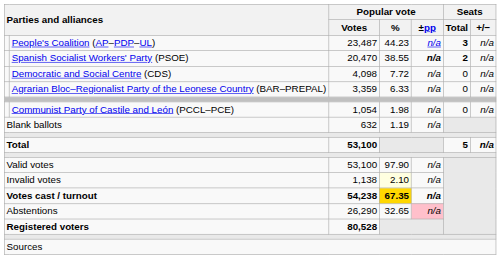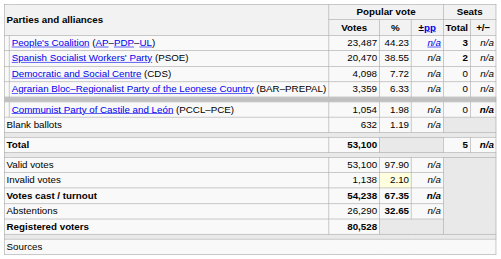 <table class="wikitable" style="text-align:right;">
 <tr>
 <th style="text-align:left;" rowspan="2" colspan="2" width="525">Parties and alliances</th>
 <th colspan="3">Popular vote</th>
 <th colspan="2">Seats</th>
 </tr>
 <tr>
 <th width="75">Votes</th>
 <th width="45">%</th>
 <th width="45">±<a href='#'>pp</a></th>
 <th width="35">Total</th>
 <th width="35">+/−</th>
 </tr>
 <tr>
 <td width="1" style="color:inherit;background:"></td>
 <td align="left"><a href='#'>People's Coalition</a> (<a href='#'>AP</a>–<a href='#'>PDP</a>–<a href='#'>UL</a>)</td>
 <td>23,487</td>
 <td>44.23</td>
 <td><em><a href='#'>n/a</a></em></td>
 <td><strong>3</strong></td>
 <td><em>n/a</em></td>
 </tr>
 <tr>
 <td style="color:inherit;background:"></td>
 <td align="left"><a href='#'>Spanish Socialist Workers' Party</a> (PSOE)</td>
 <td>20,470</td>
 <td>38.55</td>
-<td><strong><em>n/a</em></strong></td>
+<td><em>n/a</em></td>
 <td><strong>2</strong></td>
 <td><em>n/a</em></td>
 </tr>
 <tr>
 <td style="color:inherit;background:"></td>
 <td align="left"><a href='#'>Democratic and Social Centre</a> (CDS)</td>
 <td>4,098</td>
 <td>7.72</td>
 <td><em>n/a</em></td>
 <td>0</td>
 <td><em>n/a</em></td>
 </tr>
 <tr>
 <td style="color:inherit;background:"></td>
 <td align="left"><a href='#'>Agrarian Bloc–Regionalist Party of the Leonese Country</a> (BAR–PREPAL)</td>
 <td>3,359</td>
 <td>6.33</td>
 <td><em>n/a</em></td>
 <td>0</td>
 <td><em>n/a</em></td>
 </tr>
 <tr>
 <td colspan="7" bgcolor="#C0C0C0"></td>
 </tr>
 <tr>
 <td style="color:inherit;background:"></td>
 <td align="left"><a href='#'>Communist Party of Castile and León</a> (PCCL–PCE)</td>
 <td>1,054</td>
 <td>1.98</td>
 <td><em>n/a</em></td>
 <td>0</td>
-<td><em>n/a</em></td>
+<td><strong><em>n/a</em></strong></td>
 </tr>
 <tr>
 <td align="left" colspan="2">Blank ballots</td>
 <td>632</td>
 <td>1.19</td>
 <td><em>n/a</em></td>
 <td bgcolor="#E9E9E9" colspan="2"></td>
 </tr>
 <tr>
 <td colspan="7" bgcolor="#E9E9E9"></td>
 </tr>
 <tr style="font-weight:bold;">
 <td align="left" colspan="2">Total</td>
 <td>53,100</td>
 <td bgcolor="#E9E9E9" colspan="2"></td>
 <td>5</td>
 <td><em>n/a</em></td>
 </tr>
 <tr>
 <td colspan="7" bgcolor="#E9E9E9"></td>
 </tr>
 <tr>
 <td align="left" colspan="2">Valid votes</td>
 <td>53,100</td>
 <td>97.90</td>
 <td><em>n/a</em></td>
 <td bgcolor="#E9E9E9" colspan="2" rowspan="5"></td>
 </tr>
 <tr>
 <td align="left" colspan="2">Invalid votes</td>
 <td>1,138</td>
 <td style="background: lightyellow;">2.10</td>
 <td><em>n/a</em></td>
 </tr>
 <tr style="font-weight:bold;">
 <td align="left" colspan="2">Votes cast / turnout</td>
 <td>54,238</td>
-<td style="background: gold;">67.35</td>
+<td>67.35</td>
 <td><em>n/a</em></td>
 </tr>
 <tr>
 <td align="left" colspan="2">Abstentions</td>
 <td>26,290</td>
-<td>32.65</td>
-<td style="background: pink;"><em>n/a</em></td>
+<td><strong>32.65</strong></td>
+<td><em>n/a</em></td>
 </tr>
 <tr style="font-weight:bold;">
 <td align="left" colspan="2">Registered voters</td>
 <td>80,528</td>
 <td bgcolor="#E9E9E9" colspan="2"></td>
 </tr>
 <tr>
 <td colspan="7" bgcolor="#E9E9E9"></td>
 </tr>
 <tr>
 <td align="left" colspan="7">Sources</td>
 </tr>
 </table>
